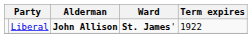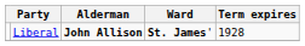 <table class="wikitable">
 <tr>
 <th colspan="2">Party</th>
 <th>Alderman</th>
 <th>Ward</th>
 <th>Term expires</th>
 </tr>
 <tr>
 <td style="background-color:"></td>
 <td><a href='#'>Liberal</a></td>
 <td><strong>John Allison</strong></td>
 <td><strong>St. James</strong>'</td>
-<td>1922</td>
+<td>1928</td>
 </tr>
 <tr>
 </tr>
 </table>
